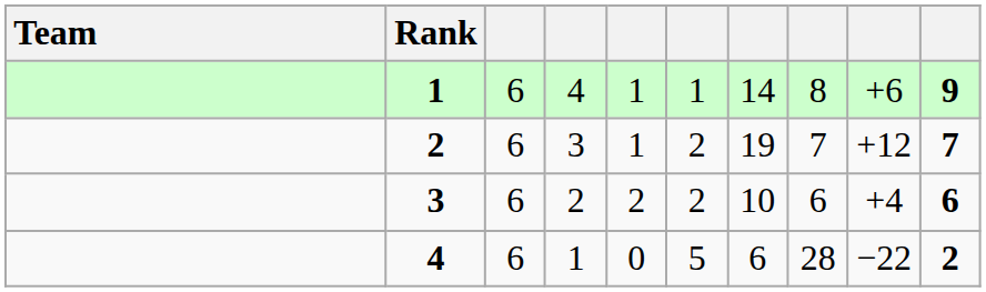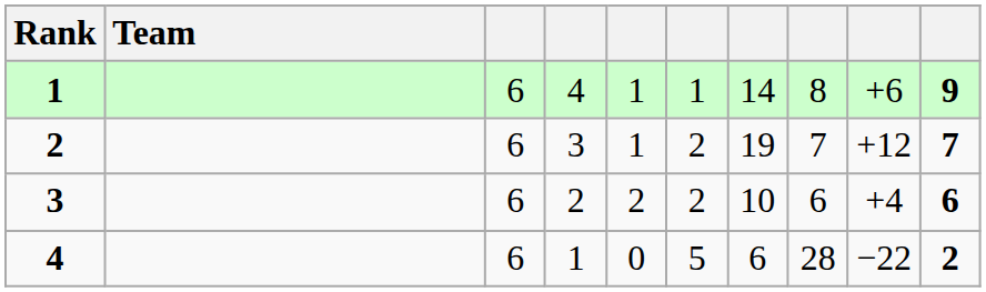 <table class="wikitable" style="text-align:center">
 <tr>
+<th width=30>Rank</th>
 <th width=165 style="text-align:left">Team</th>
-<th width=30>Rank</th>
 <th width=20></th>
 <th width=20></th>
 <th width=20></th>
 <th width=20></th>
 <th width=20></th>
 <th width=20></th>
 <th width=20></th>
 <th width=20></th>
 </tr>
 <tr bgcolor="#ccffcc">
+<td><strong>1</strong></td>
 <td align="left"></td>
-<td><strong>1</strong></td>
 <td>6</td>
 <td>4</td>
 <td>1</td>
 <td>1</td>
 <td>14</td>
 <td>8</td>
 <td>+6</td>
 <td><strong>9</strong></td>
 </tr>
 <tr>
+<td><strong>2</strong></td>
 <td align="left"></td>
-<td><strong>2</strong></td>
 <td>6</td>
 <td>3</td>
 <td>1</td>
 <td>2</td>
 <td>19</td>
 <td>7</td>
 <td>+12</td>
 <td><strong>7</strong></td>
 </tr>
 <tr>
+<td><strong>3</strong></td>
 <td align="left"></td>
-<td><strong>3</strong></td>
 <td>6</td>
 <td>2</td>
 <td>2</td>
 <td>2</td>
 <td>10</td>
 <td>6</td>
 <td>+4</td>
 <td><strong>6</strong></td>
 </tr>
 <tr>
+<td><strong>4</strong></td>
 <td align="left"></td>
-<td><strong>4</strong></td>
 <td>6</td>
 <td>1</td>
 <td>0</td>
 <td>5</td>
 <td>6</td>
 <td>28</td>
 <td>−22</td>
 <td><strong>2</strong></td>
 </tr>
 </table>
